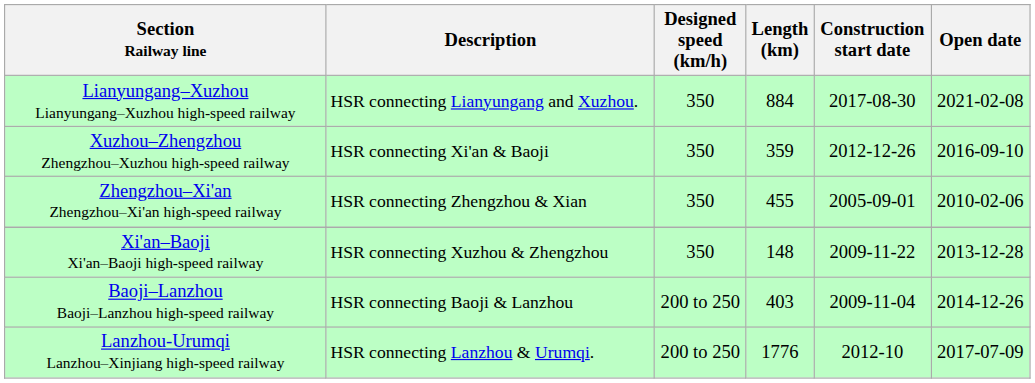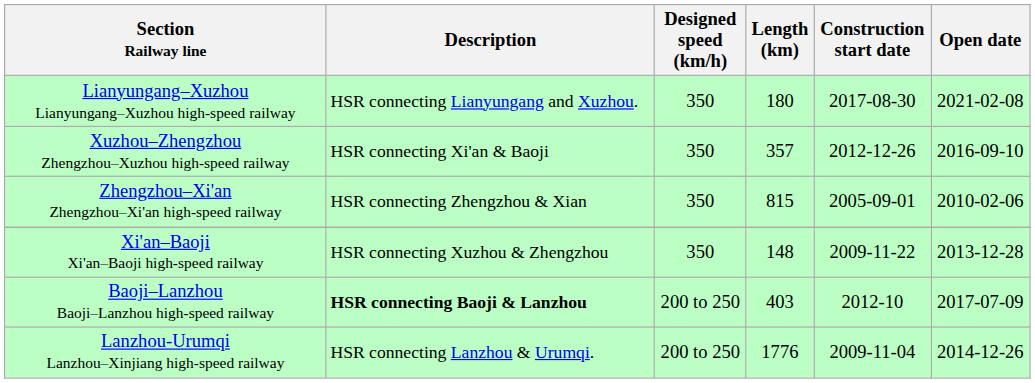 <table class="wikitable sortable" width=70% style="font-size:100%;text-align: center;">
 <tr>
 <th width="270"><strong>Section</strong> <br> <small> Railway line </small></th>
 <th><strong>Description</strong></th>
 <th><strong>Designed <br> speed <br> (km/h)</strong> <br></th>
 <th><strong>Length <br> (km)</strong> <br></th>
 <th><strong>Construction <br> start date</strong> <br></th>
 <th><strong>Open date</strong> <br></th>
 </tr>
 <tr style="background:#bcffc5;">
 <td style="font-size:100%;"><a href='#'>Lianyungang–Xuzhou</a> <br> <small>Lianyungang–Xuzhou high-speed railway</small></td>
 <td style="font-size:95%; text-align:left">HSR connecting <a href='#'>Lianyungang</a> and <a href='#'>Xuzhou</a>.</td>
 <td>350</td>
-<td>884</td>
+<td>180</td>
 <td>2017-08-30 </td>
 <td>2021-02-08</td>
 </tr>
 <tr style="background:#bcffc5;">
 <td><a href='#'>Xuzhou–Zhengzhou</a><br><small>Zhengzhou–Xuzhou high-speed railway</small></td>
 <td style="font-size:95%; text-align:left">HSR connecting Xi'an & Baoji</td>
 <td>350</td>
-<td>359</td>
+<td>357</td>
 <td>2012-12-26</td>
 <td>2016-09-10</td>
 </tr>
 <tr style="background:#bcffc5;">
 <td><a href='#'>Zhengzhou–Xi'an</a><br><small>Zhengzhou–Xi'an high-speed railway</small></td>
 <td style="font-size:95%; text-align:left">HSR connecting Zhengzhou & Xian</td>
 <td>350</td>
-<td>455</td>
+<td>815</td>
 <td>2005-09-01</td>
 <td>2010-02-06</td>
 </tr>
 <tr>
 </tr>
 <tr style="background:#bcffc5;">
 <td><a href='#'>Xi'an–Baoji</a><br><small>Xi'an–Baoji high-speed railway</small></td>
 <td style="font-size:95%; text-align:left">HSR connecting Xuzhou & Zhengzhou</td>
 <td>350</td>
 <td>148</td>
 <td>2009-11-22</td>
 <td>2013-12-28</td>
 </tr>
 <tr style="background:#bcffc5;">
 <td><a href='#'>Baoji–Lanzhou</a><br><small>Baoji–Lanzhou high-speed railway</small></td>
-<td style="font-size:95%; text-align:left">HSR connecting Baoji & Lanzhou</td>
+<td style="font-size:95%; text-align:left"><strong>HSR connecting Baoji & Lanzhou</strong></td>
 <td>200 to 250</td>
 <td>403</td>
-<td>2009-11-04</td>
-<td>2014-12-26</td>
+<td>2012-10</td>
+<td>2017-07-09</td>
 </tr>
 <tr style="background:#bcffc5;">
 <td style="font-size:100%;"><a href='#'>Lanzhou-Urumqi</a> <br> <small> Lanzhou–Xinjiang high-speed railway </small></td>
 <td style="font-size:95%; text-align:left">HSR connecting <a href='#'>Lanzhou</a> & <a href='#'>Urumqi</a>.</td>
 <td>200 to 250</td>
 <td>1776</td>
-<td>2012-10</td>
-<td>2017-07-09</td>
+<td>2009-11-04</td>
+<td>2014-12-26</td>
 </tr>
 </table>
